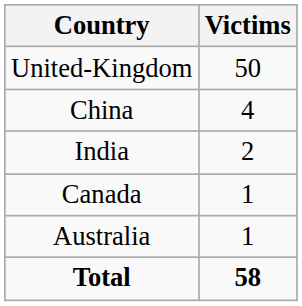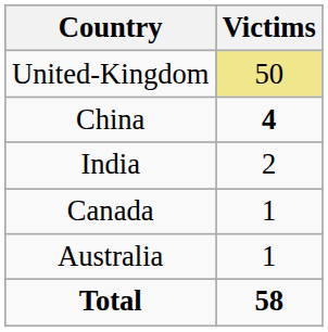 <table class = "wikitable" style="text-align:center">
 <tr>
 <th>Country</th>
 <th>Victims</th>
 </tr>
 <tr>
 <td>United-Kingdom</td>
-<td>50</td>
+<td style="background: khaki;">50</td>
 </tr>
 <tr>
 <td>China</td>
-<td>4</td>
+<td><strong>4</strong></td>
 </tr>
 <tr>
 <td>India</td>
 <td>2</td>
 </tr>
 <tr>
 <td>Canada</td>
 <td>1</td>
 </tr>
 <tr>
 <td>Australia</td>
 <td>1</td>
 </tr>
 <tr>
 <td><strong>Total</strong></td>
 <td><strong>58</strong></td>
 </tr>
 </table>
